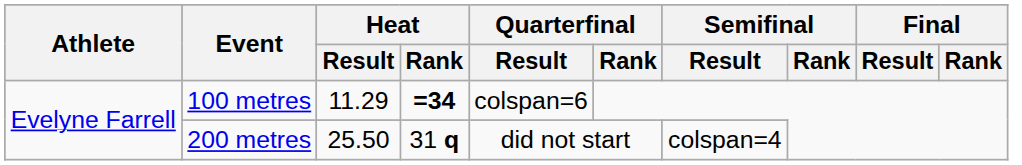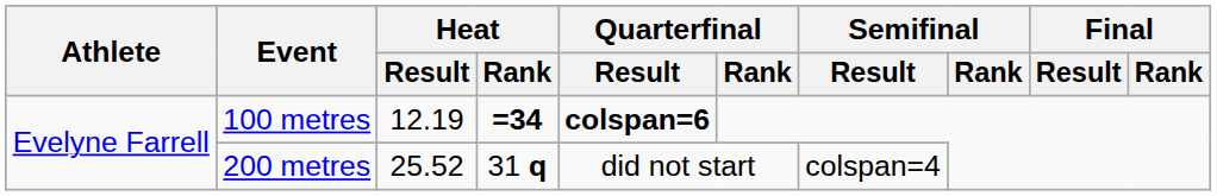 <table class=wikitable style=font-size:90%>
 <tr>
 <th rowspan=2>Athlete</th>
 <th rowspan=2>Event</th>
 <th colspan=2>Heat</th>
 <th colspan=2>Quarterfinal</th>
 <th colspan=2>Semifinal</th>
 <th colspan=2>Final</th>
 </tr>
 <tr style=font-size:95%>
 <th>Result</th>
 <th>Rank</th>
 <th>Result</th>
 <th>Rank</th>
 <th>Result</th>
 <th>Rank</th>
 <th>Result</th>
 <th>Rank</th>
 </tr>
 <tr align=center>
 <td align=left rowspan=2><a href='#'>Evelyne Farrell</a></td>
 <td align=left><a href='#'>100 metres</a></td>
-<td>11.29</td>
+<td>12.19</td>
 <td><strong>=34</strong></td>
-<td>colspan=6 </td>
+<td><strong>colspan=6 </strong></td>
 </tr>
 <tr align=center>
 <td align=left><a href='#'>200 metres</a></td>
-<td>25.50</td>
+<td>25.52</td>
 <td>31 <strong>q</strong></td>
 <td colspan=2>did not start</td>
 <td>colspan=4 </td>
 </tr>
 </table>
